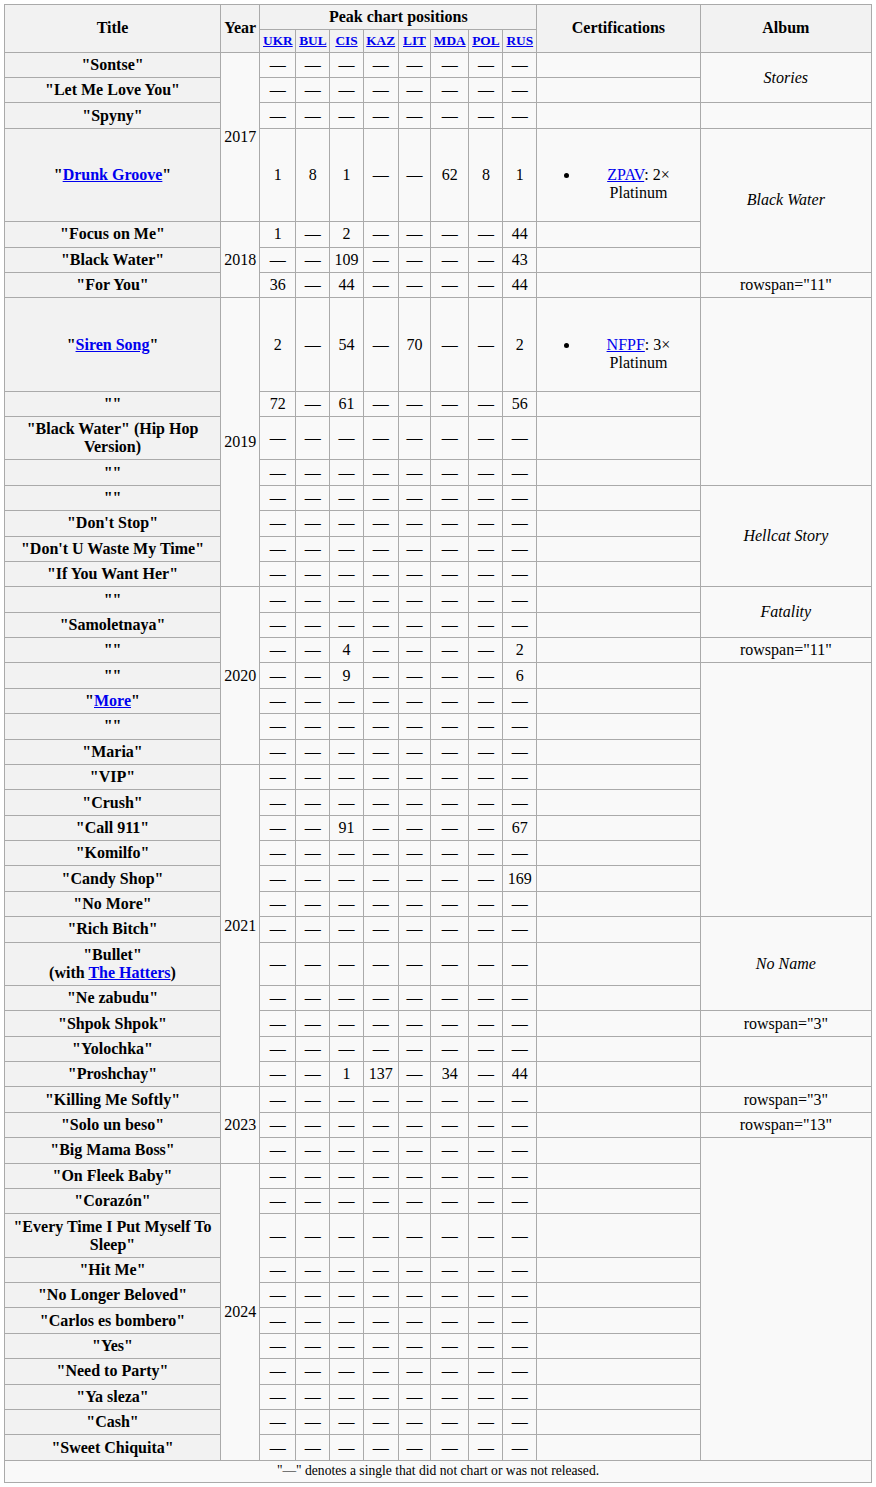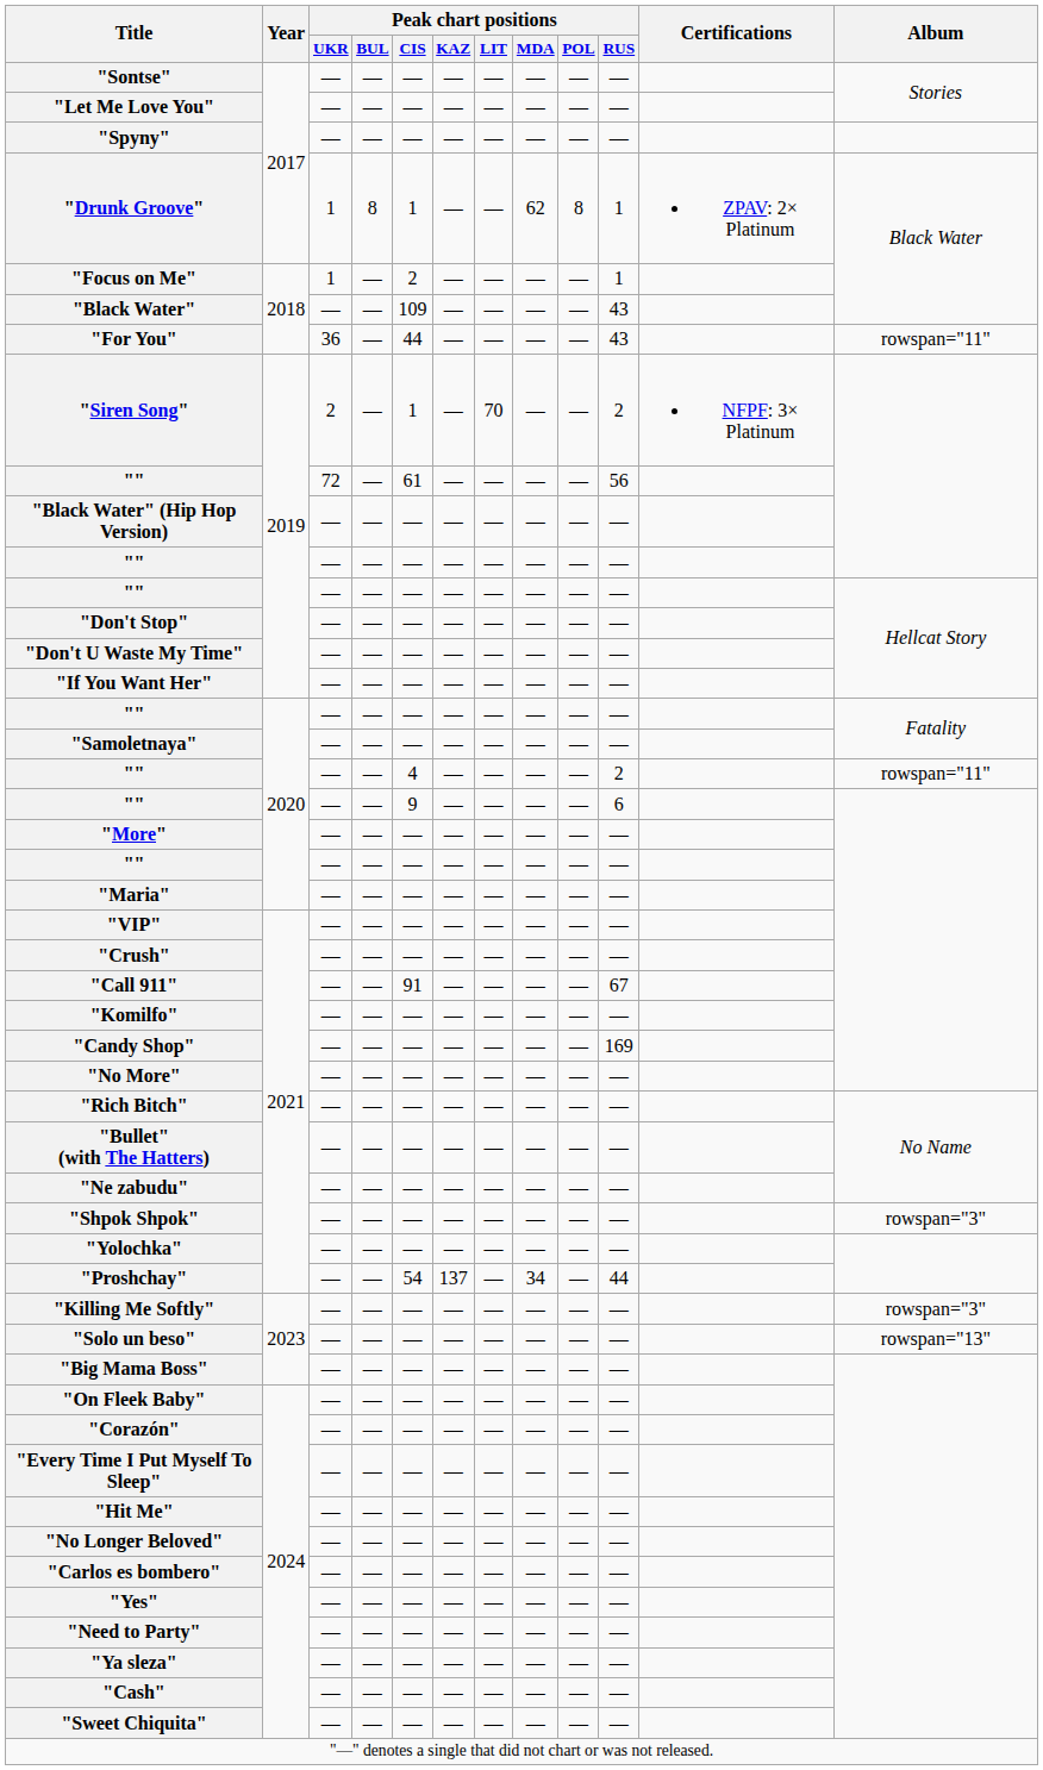 <table class="wikitable plainrowheaders" style="text-align:center;">
 <tr>
 <th scope="col" rowspan="2" style="width:17em;">Title</th>
 <th scope="col" rowspan="2" style="width:1em;">Year</th>
 <th scope="col" colspan="8">Peak chart positions</th>
 <th scope="col" rowspan="2" style="width:12em;">Certifications</th>
 <th scope="col" rowspan="2" style="width:13em;">Album</th>
 </tr>
 <tr style=font-size:smaller;>
 <th style="width:28px;"><a href='#'>UKR</a><br></th>
 <th style="width:28px;"><a href='#'>BUL</a><br></th>
 <th style="width:28px;"><a href='#'>CIS</a><br></th>
 <th style="width:28px;"><a href='#'>KAZ</a><br></th>
 <th style="width:28px;"><a href='#'>LIT</a><br></th>
 <th style="width:28px;"><a href='#'>MDA</a><br></th>
 <th style="width:28px;"><a href='#'>POL</a><br></th>
 <th style="width:28px;"><a href='#'>RUS</a><br></th>
 </tr>
 <tr>
 <th scope="row">"Sontse"</th>
 <td rowspan="4">2017</td>
 <td>—</td>
 <td>—</td>
 <td>—</td>
 <td>—</td>
 <td>—</td>
 <td>—</td>
 <td>—</td>
 <td>—</td>
 <td></td>
 <td rowspan="2"><em>Stories</em></td>
 </tr>
 <tr>
 <th scope="row">"Let Me Love You"</th>
 <td>—</td>
 <td>—</td>
 <td>—</td>
 <td>—</td>
 <td>—</td>
 <td>—</td>
 <td>—</td>
 <td>—</td>
 <td></td>
 </tr>
 <tr>
 <th scope="row">"Spyny"</th>
 <td>—</td>
 <td>—</td>
 <td>—</td>
 <td>—</td>
 <td>—</td>
 <td>—</td>
 <td>—</td>
 <td>—</td>
 <td></td>
 <td></td>
 </tr>
 <tr>
 <th scope="row">"<a href='#'>Drunk Groove</a>"<br></th>
 <td>1</td>
 <td>8</td>
 <td>1</td>
 <td>—</td>
 <td>—</td>
 <td>62</td>
 <td>8</td>
 <td>1</td>
 <td><br><ul><li><a href='#'>ZPAV</a>: 2× Platinum</li></ul></td>
 <td rowspan="3"><em>Black Water</em></td>
 </tr>
 <tr>
 <th scope="row">"Focus on Me"</th>
 <td rowspan="3">2018</td>
 <td>1</td>
 <td>—</td>
 <td>2</td>
 <td>—</td>
 <td>—</td>
 <td>—</td>
 <td>—</td>
-<td>44</td>
+<td>1</td>
 <td></td>
 </tr>
 <tr>
 <th scope="row">"Black Water"</th>
 <td>—</td>
 <td>—</td>
 <td>109</td>
 <td>—</td>
 <td>—</td>
 <td>—</td>
 <td>—</td>
 <td>43</td>
 <td></td>
 </tr>
 <tr>
 <th scope="row">"For You"<br></th>
 <td>36</td>
 <td>—</td>
 <td>44</td>
 <td>—</td>
 <td>—</td>
 <td>—</td>
 <td>—</td>
-<td>44</td>
+<td>43</td>
 <td></td>
 <td>rowspan="11" </td>
 </tr>
 <tr>
 <th scope="row">"<a href='#'>Siren Song</a>"</th>
 <td rowspan="8">2019</td>
 <td>2</td>
 <td>—</td>
-<td>54</td>
+<td>1</td>
 <td>—</td>
 <td>70</td>
 <td>—</td>
 <td>—</td>
 <td>2</td>
 <td><br><ul><li><a href='#'>NFPF</a>: 3× Platinum</li></ul></td>
 </tr>
 <tr>
 <th scope="row">""<br></th>
 <td>72</td>
 <td>—</td>
 <td>61</td>
 <td>—</td>
 <td>—</td>
 <td>—</td>
 <td>—</td>
 <td>56</td>
 <td></td>
 </tr>
 <tr>
 <th scope="row">"Black Water" (Hip Hop Version)<br></th>
 <td>—</td>
 <td>—</td>
 <td>—</td>
 <td>—</td>
 <td>—</td>
 <td>—</td>
 <td>—</td>
 <td>—</td>
 <td></td>
 </tr>
 <tr>
 <th scope="row">""</th>
 <td>—</td>
 <td>—</td>
 <td>—</td>
 <td>—</td>
 <td>—</td>
 <td>—</td>
 <td>—</td>
 <td>—</td>
 <td></td>
 </tr>
 <tr>
 <th scope="row">""</th>
 <td>—</td>
 <td>—</td>
 <td>—</td>
 <td>—</td>
 <td>—</td>
 <td>—</td>
 <td>—</td>
 <td>—</td>
 <td></td>
 <td rowspan="4"><em>Hellcat Story</em></td>
 </tr>
 <tr>
 <th scope="row">"Don't Stop"</th>
 <td>—</td>
 <td>—</td>
 <td>—</td>
 <td>—</td>
 <td>—</td>
 <td>—</td>
 <td>—</td>
 <td>—</td>
 <td></td>
 </tr>
 <tr>
 <th scope="row">"Don't U Waste My Time"</th>
 <td>—</td>
 <td>—</td>
 <td>—</td>
 <td>—</td>
 <td>—</td>
 <td>—</td>
 <td>—</td>
 <td>—</td>
 <td></td>
 </tr>
 <tr>
 <th scope="row">"If You Want Her"</th>
 <td>—</td>
 <td>—</td>
 <td>—</td>
 <td>—</td>
 <td>—</td>
 <td>—</td>
 <td>—</td>
 <td>—</td>
 <td></td>
 </tr>
 <tr>
 <th scope="row">""<br></th>
 <td rowspan="7">2020</td>
 <td>—</td>
 <td>—</td>
 <td>—</td>
 <td>—</td>
 <td>—</td>
 <td>—</td>
 <td>—</td>
 <td>—</td>
 <td></td>
 <td rowspan="2"><em>Fatality</em></td>
 </tr>
 <tr>
 <th scope="row">"Samoletnaya"<br></th>
 <td>—</td>
 <td>—</td>
 <td>—</td>
 <td>—</td>
 <td>—</td>
 <td>—</td>
 <td>—</td>
 <td>—</td>
 <td></td>
 </tr>
 <tr>
 <th scope="row">""</th>
 <td>—</td>
 <td>—</td>
 <td>4</td>
 <td>—</td>
 <td>—</td>
 <td>—</td>
 <td>—</td>
 <td>2</td>
 <td></td>
 <td>rowspan="11" </td>
 </tr>
 <tr>
 <th scope="row">""</th>
 <td>—</td>
 <td>—</td>
 <td>9</td>
 <td>—</td>
 <td>—</td>
 <td>—</td>
 <td>—</td>
 <td>6</td>
 <td></td>
 </tr>
 <tr>
 <th scope="row">"<a href='#'>More</a>"</th>
 <td>—</td>
 <td>—</td>
 <td>—</td>
 <td>—</td>
 <td>—</td>
 <td>—</td>
 <td>—</td>
 <td>—</td>
 <td></td>
 </tr>
 <tr>
 <th scope="row">""<br></th>
 <td>—</td>
 <td>—</td>
 <td>—</td>
 <td>—</td>
 <td>—</td>
 <td>—</td>
 <td>—</td>
 <td>—</td>
 <td></td>
 </tr>
 <tr>
 <th scope="row">"Maria"</th>
 <td>—</td>
 <td>—</td>
 <td>—</td>
 <td>—</td>
 <td>—</td>
 <td>—</td>
 <td>—</td>
 <td>—</td>
 <td></td>
 </tr>
 <tr>
 <th scope="row">"VIP"<br></th>
 <td rowspan="12">2021</td>
 <td>—</td>
 <td>—</td>
 <td>—</td>
 <td>—</td>
 <td>—</td>
 <td>—</td>
 <td>—</td>
 <td>—</td>
 <td></td>
 </tr>
 <tr>
 <th scope="row">"Crush"</th>
 <td>—</td>
 <td>—</td>
 <td>—</td>
 <td>—</td>
 <td>—</td>
 <td>—</td>
 <td>—</td>
 <td>—</td>
 <td></td>
 </tr>
 <tr>
 <th scope="row">"Call 911"<br></th>
 <td>—</td>
 <td>—</td>
 <td>91</td>
 <td>—</td>
 <td>—</td>
 <td>—</td>
 <td>—</td>
 <td>67</td>
 <td></td>
 </tr>
 <tr>
 <th scope="row">"Komilfo"<br></th>
 <td>—</td>
 <td>—</td>
 <td>—</td>
 <td>—</td>
 <td>—</td>
 <td>—</td>
 <td>—</td>
 <td>—</td>
 <td></td>
 </tr>
 <tr>
 <th scope="row">"Candy Shop"</th>
 <td>—</td>
 <td>—</td>
 <td>—</td>
 <td>—</td>
 <td>—</td>
 <td>—</td>
 <td>—</td>
 <td>169</td>
 <td></td>
 </tr>
 <tr>
 <th scope="row">"No More"<br></th>
 <td>—</td>
 <td>—</td>
 <td>—</td>
 <td>—</td>
 <td>—</td>
 <td>—</td>
 <td>—</td>
 <td>—</td>
 <td></td>
 </tr>
 <tr>
 <th scope="row">"Rich Bitch"</th>
 <td>—</td>
 <td>—</td>
 <td>—</td>
 <td>—</td>
 <td>—</td>
 <td>—</td>
 <td>—</td>
 <td>—</td>
 <td></td>
 <td rowspan="3"><em>No Name</em></td>
 </tr>
 <tr>
 <th scope="row">"Bullet"<br>(with <a href='#'>The Hatters</a>)</th>
 <td>—</td>
 <td>—</td>
 <td>—</td>
 <td>—</td>
 <td>—</td>
 <td>—</td>
 <td>—</td>
 <td>—</td>
 <td></td>
 </tr>
 <tr>
 <th scope="row">"Ne zabudu"</th>
 <td>—</td>
 <td>—</td>
 <td>—</td>
 <td>—</td>
 <td>—</td>
 <td>—</td>
 <td>—</td>
 <td>—</td>
 <td></td>
 </tr>
 <tr>
 <th scope="row">"Shpok Shpok"<br></th>
 <td>—</td>
 <td>—</td>
 <td>—</td>
 <td>—</td>
 <td>—</td>
 <td>—</td>
 <td>—</td>
 <td>—</td>
 <td></td>
 <td>rowspan="3" </td>
 </tr>
 <tr>
 <th scope="row">"Yolochka"<br></th>
 <td>—</td>
 <td>—</td>
 <td>—</td>
 <td>—</td>
 <td>—</td>
 <td>—</td>
 <td>—</td>
 <td>—</td>
 <td></td>
 </tr>
 <tr>
 <th scope="row">"Proshchay"</th>
 <td>—</td>
 <td>—</td>
-<td>1</td>
+<td>54</td>
 <td>137</td>
 <td>—</td>
 <td>34</td>
 <td>—</td>
 <td>44</td>
 <td></td>
 </tr>
 <tr>
 <th scope="row">"Killing Me Softly"<br></th>
 <td rowspan="3">2023</td>
 <td>—</td>
 <td>—</td>
 <td>—</td>
 <td>—</td>
 <td>—</td>
 <td>—</td>
 <td>—</td>
 <td>—</td>
 <td align="left"></td>
 <td>rowspan="3" </td>
 </tr>
 <tr>
 <th scope="row">"Solo un beso"</th>
 <td>—</td>
 <td>—</td>
 <td>—</td>
 <td>—</td>
 <td>—</td>
 <td>—</td>
 <td>—</td>
 <td>—</td>
 <td align="left"></td>
 <td>rowspan="13" </td>
 </tr>
 <tr>
 <th scope="row">"Big Mama Boss" <br></th>
 <td>—</td>
 <td>—</td>
 <td>—</td>
 <td>—</td>
 <td>—</td>
 <td>—</td>
 <td>—</td>
 <td>—</td>
 <td align="left"></td>
 </tr>
 <tr>
 <th scope="row">"On Fleek Baby" <br></th>
 <td rowspan="11">2024</td>
 <td>—</td>
 <td>—</td>
 <td>—</td>
 <td>—</td>
 <td>—</td>
 <td>—</td>
 <td>—</td>
 <td>—</td>
 <td align="left"></td>
 </tr>
 <tr>
 <th scope="row">"Corazón"</th>
 <td>—</td>
 <td>—</td>
 <td>—</td>
 <td>—</td>
 <td>—</td>
 <td>—</td>
 <td>—</td>
 <td>—</td>
 <td align="left"></td>
 </tr>
 <tr>
 <th scope="row">"Every Time I Put Myself To Sleep" <br></th>
 <td>—</td>
 <td>—</td>
 <td>—</td>
 <td>—</td>
 <td>—</td>
 <td>—</td>
 <td>—</td>
 <td>—</td>
 <td align="left"></td>
 </tr>
 <tr>
 <th scope="row">"Hit Me"</th>
 <td>—</td>
 <td>—</td>
 <td>—</td>
 <td>—</td>
 <td>—</td>
 <td>—</td>
 <td>—</td>
 <td>—</td>
 <td align="left"></td>
 </tr>
 <tr>
 <th scope="row">"No Longer Beloved"</th>
 <td>—</td>
 <td>—</td>
 <td>—</td>
 <td>—</td>
 <td>—</td>
 <td>—</td>
 <td>—</td>
 <td>—</td>
 <td align="left"></td>
 </tr>
 <tr>
 <th scope="row">"Carlos es bombero"</th>
 <td>—</td>
 <td>—</td>
 <td>—</td>
 <td>—</td>
 <td>—</td>
 <td>—</td>
 <td>—</td>
 <td>—</td>
 <td align="left"></td>
 </tr>
 <tr>
 <th scope="row">"Yes"</th>
 <td>—</td>
 <td>—</td>
 <td>—</td>
 <td>—</td>
 <td>—</td>
 <td>—</td>
 <td>—</td>
 <td>—</td>
 <td align="left"></td>
 </tr>
 <tr>
 <th scope="row">"Need to Party"</th>
 <td>—</td>
 <td>—</td>
 <td>—</td>
 <td>—</td>
 <td>—</td>
 <td>—</td>
 <td>—</td>
 <td>—</td>
 <td align="left"></td>
 </tr>
 <tr>
 <th scope="row">"Ya sleza"</th>
 <td>—</td>
 <td>—</td>
 <td>—</td>
 <td>—</td>
 <td>—</td>
 <td>—</td>
 <td>—</td>
 <td>—</td>
 <td align="left"></td>
 </tr>
 <tr>
 <th scope="row">"Cash"</th>
 <td>—</td>
 <td>—</td>
 <td>—</td>
 <td>—</td>
 <td>—</td>
 <td>—</td>
 <td>—</td>
 <td>—</td>
 <td align="left"></td>
 </tr>
 <tr>
 <th scope="row">"Sweet Chiquita"</th>
 <td>—</td>
 <td>—</td>
 <td>—</td>
 <td>—</td>
 <td>—</td>
 <td>—</td>
 <td>—</td>
 <td>—</td>
 <td align="left"></td>
 </tr>
 <tr>
 <td colspan="17" style="font-size:85%;">"—" denotes a single that did not chart or was not released.</td>
 </tr>
 </table>
